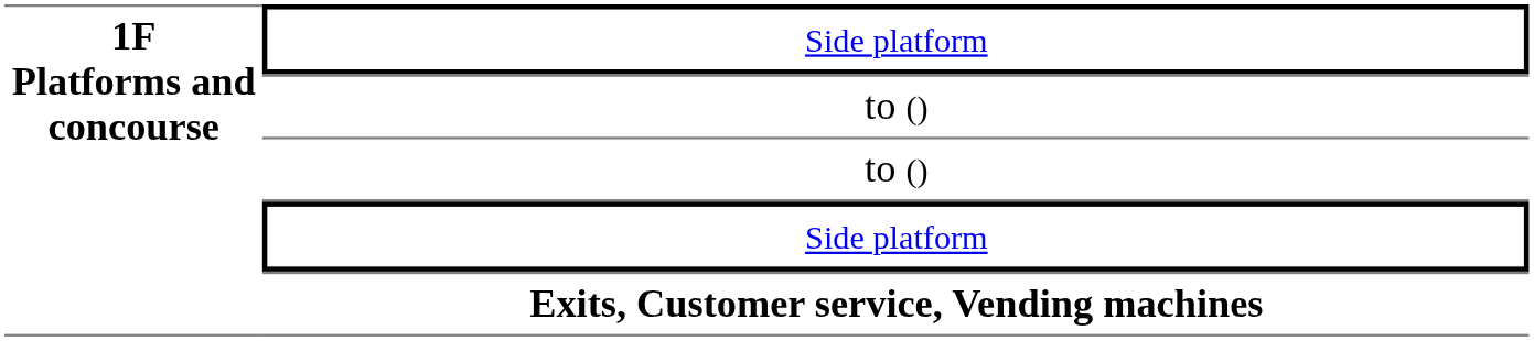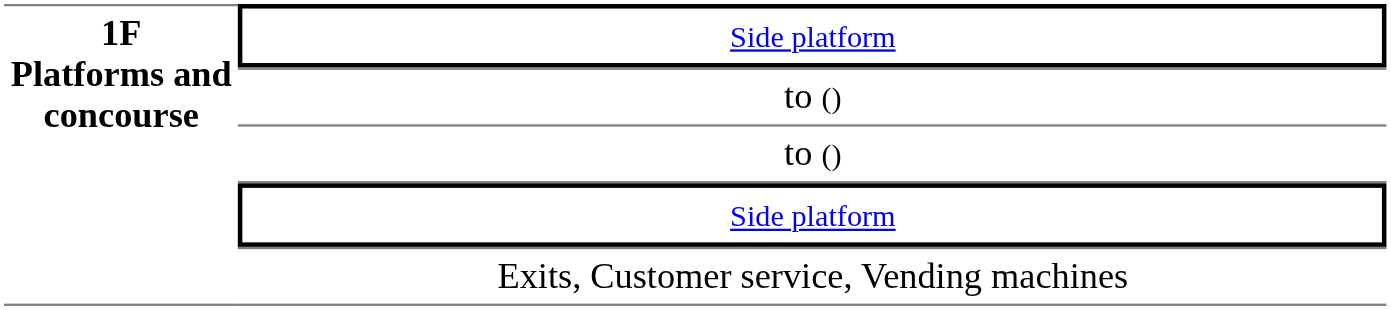 <table table border=0 cellspacing=0 cellpadding=3>
 <tr>
 <td style="border-bottom:solid 1px gray; border-top:solid 1px gray;text-align:center" rowspan="5" valign=top><strong>1F<br>Platforms and<br>concourse</strong></td>
 <td style="border-right:solid 2px black;border-left:solid 2px black;border-top:solid 2px black;border-bottom:solid 2px black;text-align:center;" colspan=2><small><a href='#'>Side platform</a></small></td>
 </tr>
 <tr>
 <td style="border-bottom:solid 1px gray; border-top:solid 1px gray;text-align:center;">  to  <small>()</small></td>
 </tr>
 <tr>
 <td style="border-bottom:solid 1px gray;text-align:center;"> to  <small>() </small></td>
 </tr>
 <tr>
 <td style="border-right:solid 2px black;border-left:solid 2px black;border-top:solid 2px black;border-bottom:solid 2px black;text-align:center;" colspan=2><small><a href='#'>Side platform</a></small></td>
 </tr>
 <tr>
-<td style="border-bottom:solid 1px gray; border-top:solid 1px gray;text-align:center;" valign=top width=500><strong>Exits, Customer service, Vending machines</strong></td>
+<td style="border-bottom:solid 1px gray; border-top:solid 1px gray;text-align:center;" valign=top width=500>Exits, Customer service, Vending machines</td>
 </tr>
 </table>
